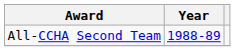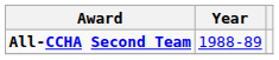 <table class="wikitable">
 <tr>
 <th>Award</th>
 <th>Year</th>
 <th></th>
 </tr>
 <tr>
-<td>All-<a href='#'>CCHA</a> <a href='#'>Second Team</a></td>
+<td><strong>All-<a href='#'>CCHA</a> <a href='#'>Second Team</a></strong></td>
 <td><a href='#'>1988-89</a></td>
 <td></td>
 </tr>
 <tr>
 </tr>
 </table>
